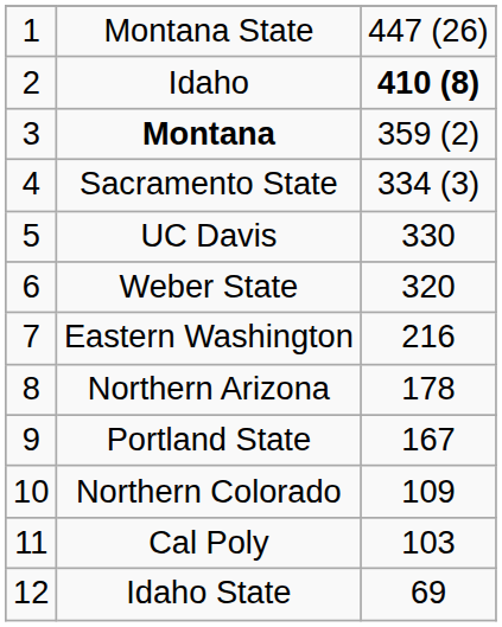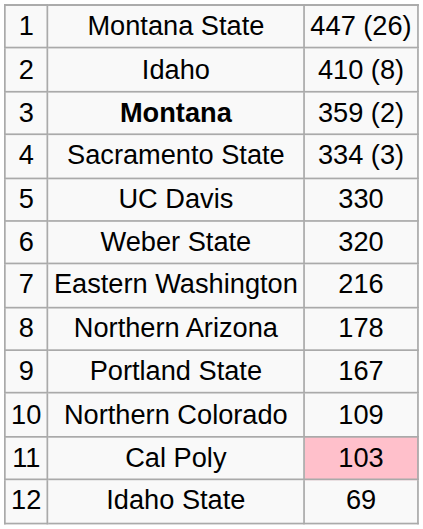 <table class="wikitable" style="display: inline-table;">
 <tr align="center">
 </tr>
 <tr align="center">
 <td>1</td>
 <td>Montana State</td>
 <td>447 (26)</td>
 </tr>
 <tr align="center">
 <td>2</td>
 <td>Idaho</td>
-<td><strong>410 (8)</strong></td>
+<td>410 (8)</td>
 </tr>
 <tr align="center">
 <td>3</td>
 <td><strong>Montana</strong></td>
 <td>359 (2)</td>
 </tr>
 <tr align="center">
 <td>4</td>
 <td>Sacramento State</td>
 <td>334 (3)</td>
 </tr>
 <tr align="center">
 <td>5</td>
 <td>UC Davis</td>
 <td>330</td>
 </tr>
 <tr align="center">
 <td>6</td>
 <td>Weber State</td>
 <td>320</td>
 </tr>
 <tr align="center">
 <td>7</td>
 <td>Eastern Washington</td>
 <td>216</td>
 </tr>
 <tr align="center">
 <td>8</td>
 <td>Northern Arizona</td>
 <td>178</td>
 </tr>
 <tr align="center">
 <td>9</td>
 <td>Portland State</td>
 <td>167</td>
 </tr>
 <tr align="center">
 <td>10</td>
 <td>Northern Colorado</td>
 <td>109</td>
 </tr>
 <tr align="center">
 <td>11</td>
 <td>Cal Poly</td>
-<td>103</td>
+<td style="background: pink;">103</td>
 </tr>
 <tr align="center">
 <td>12</td>
 <td>Idaho State</td>
 <td>69</td>
 </tr>
 </table>
